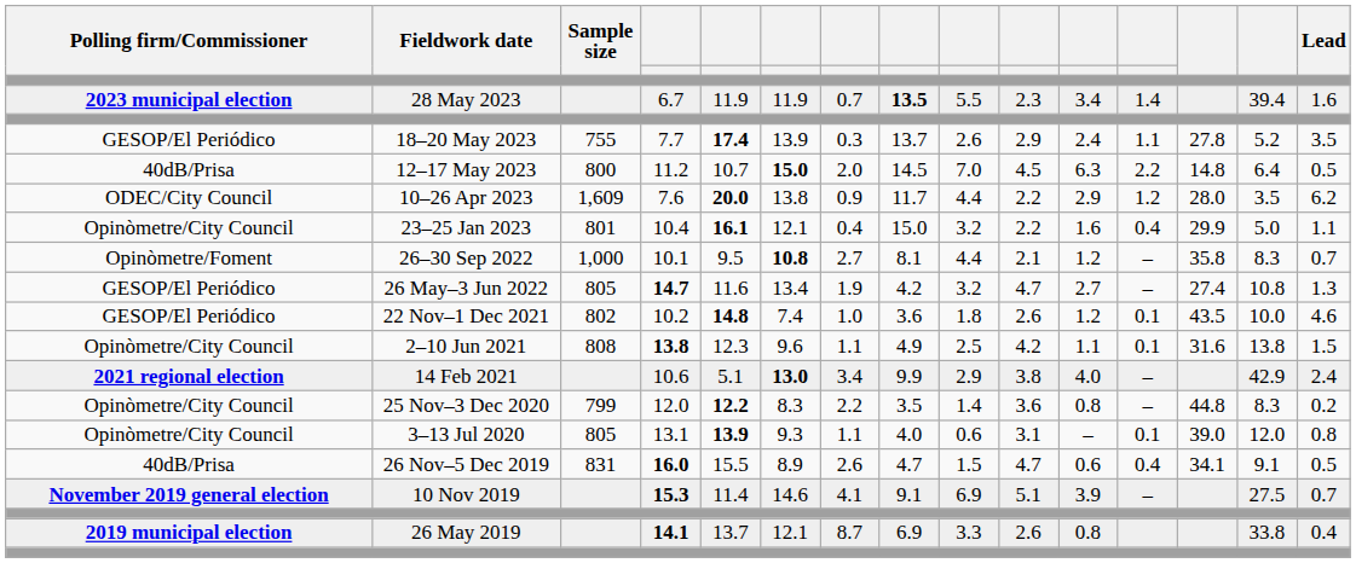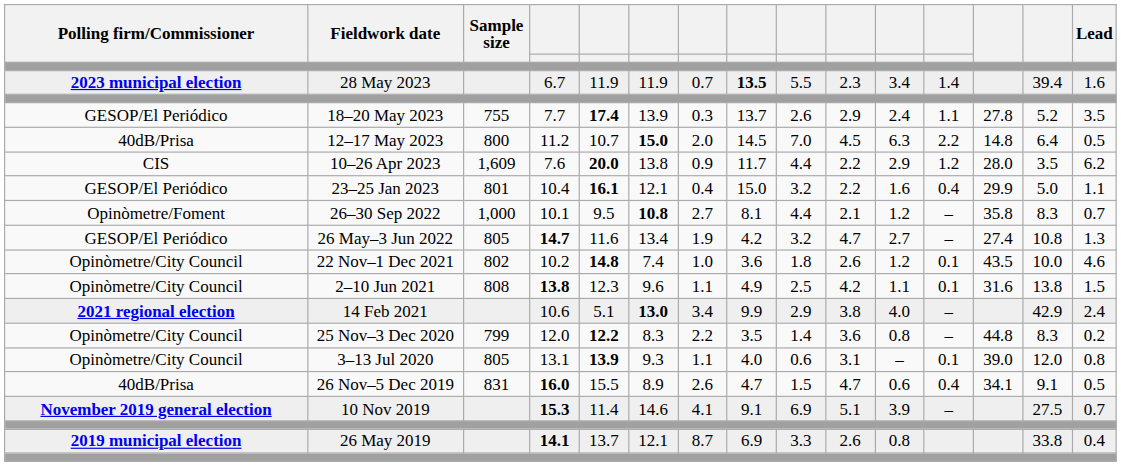 <table class="wikitable collapsible collapsed" style="text-align:center; font-size:90%; line-height:14px;">
 <tr style="height:42px;">
 <th style="width:250px;" rowspan="2">Polling firm/Commissioner</th>
 <th style="width:125px;" rowspan="2">Fieldwork date</th>
 <th style="width:50px;" rowspan="2">Sample size</th>
 <th style="width:35px;"></th>
 <th style="width:35px;"></th>
 <th style="width:35px;"></th>
 <th style="width:35px;"></th>
 <th style="width:35px;"></th>
 <th style="width:35px;"></th>
 <th style="width:35px;"></th>
 <th style="width:35px;"></th>
 <th style="width:35px;"></th>
 <th style="width:35px;" rowspan="2"></th>
 <th style="width:35px;" rowspan="2"></th>
 <th style="width:30px;" rowspan="2">Lead</th>
 </tr>
 <tr>
 <th style="color:inherit;background:"></th>
 <th style="color:inherit;background:"></th>
 <th style="color:inherit;background:"></th>
 <th style="color:inherit;background:"></th>
 <th style="color:inherit;background:"></th>
 <th style="color:inherit;background:"></th>
 <th style="color:inherit;background:"></th>
 <th style="color:inherit;background:"></th>
 <th style="color:inherit;background:"></th>
 </tr>
 <tr>
 <td colspan="15" style="background:#A0A0A0"></td>
 </tr>
 <tr style="background:#EFEFEF;">
 <td><strong><a href='#'>2023 municipal election</a></strong></td>
 <td>28 May 2023</td>
 <td></td>
 <td>6.7</td>
 <td>11.9</td>
 <td>11.9</td>
 <td>0.7</td>
 <td><strong>13.5</strong></td>
 <td>5.5</td>
 <td>2.3</td>
 <td>3.4</td>
 <td>1.4</td>
 <td></td>
 <td>39.4</td>
 <td style="background:">1.6</td>
 </tr>
 <tr>
 <td colspan="15" style="background:#A0A0A0"></td>
 </tr>
 <tr>
 <td>GESOP/El Periódico</td>
 <td>18–20 May 2023</td>
 <td>755</td>
 <td>7.7</td>
 <td><strong>17.4</strong></td>
 <td>13.9</td>
 <td>0.3</td>
 <td>13.7</td>
 <td>2.6</td>
 <td>2.9</td>
 <td>2.4</td>
 <td>1.1</td>
 <td>27.8</td>
 <td>5.2</td>
 <td style="background:">3.5</td>
 </tr>
 <tr>
 <td>40dB/Prisa</td>
 <td>12–17 May 2023</td>
 <td>800</td>
 <td>11.2</td>
 <td>10.7</td>
 <td><strong>15.0</strong></td>
 <td>2.0</td>
 <td>14.5</td>
 <td>7.0</td>
 <td>4.5</td>
 <td>6.3</td>
 <td>2.2</td>
 <td>14.8</td>
 <td>6.4</td>
 <td style="background:">0.5</td>
 </tr>
 <tr>
-<td>ODEC/City Council</td>
+<td>CIS</td>
 <td>10–26 Apr 2023</td>
 <td>1,609</td>
 <td>7.6</td>
 <td><strong>20.0</strong></td>
 <td>13.8</td>
 <td>0.9</td>
 <td>11.7</td>
 <td>4.4</td>
 <td>2.2</td>
 <td>2.9</td>
 <td>1.2</td>
 <td>28.0</td>
 <td>3.5</td>
 <td style="background:">6.2</td>
 </tr>
 <tr>
-<td>Opinòmetre/City Council</td>
+<td>GESOP/El Periódico</td>
 <td>23–25 Jan 2023</td>
 <td>801</td>
 <td>10.4</td>
 <td><strong>16.1</strong></td>
 <td>12.1</td>
 <td>0.4</td>
 <td>15.0</td>
 <td>3.2</td>
 <td>2.2</td>
 <td>1.6</td>
 <td>0.4</td>
 <td>29.9</td>
 <td>5.0</td>
 <td style="background:">1.1</td>
 </tr>
 <tr>
 <td>Opinòmetre/Foment</td>
 <td>26–30 Sep 2022</td>
 <td>1,000</td>
 <td>10.1</td>
 <td>9.5</td>
 <td><strong>10.8</strong></td>
 <td>2.7</td>
 <td>8.1</td>
 <td>4.4</td>
 <td>2.1</td>
 <td>1.2</td>
 <td>–</td>
 <td>35.8</td>
 <td>8.3</td>
 <td style="background:">0.7</td>
 </tr>
 <tr>
 <td>GESOP/El Periódico</td>
 <td>26 May–3 Jun 2022</td>
 <td>805</td>
 <td><strong>14.7</strong></td>
 <td>11.6</td>
 <td>13.4</td>
 <td>1.9</td>
 <td>4.2</td>
 <td>3.2</td>
 <td>4.7</td>
 <td>2.7</td>
 <td>–</td>
 <td>27.4</td>
 <td>10.8</td>
 <td style="background:">1.3</td>
 </tr>
 <tr>
-<td>GESOP/El Periódico</td>
+<td>Opinòmetre/City Council</td>
 <td>22 Nov–1 Dec 2021</td>
 <td>802</td>
 <td>10.2</td>
 <td><strong>14.8</strong></td>
 <td>7.4</td>
 <td>1.0</td>
 <td>3.6</td>
 <td>1.8</td>
 <td>2.6</td>
 <td>1.2</td>
 <td>0.1</td>
 <td>43.5</td>
 <td>10.0</td>
 <td style="background:">4.6</td>
 </tr>
 <tr>
 <td>Opinòmetre/City Council</td>
 <td>2–10 Jun 2021</td>
 <td>808</td>
 <td><strong>13.8</strong></td>
 <td>12.3</td>
 <td>9.6</td>
 <td>1.1</td>
 <td>4.9</td>
 <td>2.5</td>
 <td>4.2</td>
 <td>1.1</td>
 <td>0.1</td>
 <td>31.6</td>
 <td>13.8</td>
 <td style="background:">1.5</td>
 </tr>
 <tr style="background:#EFEFEF;">
 <td><strong><a href='#'>2021 regional election</a></strong></td>
 <td>14 Feb 2021</td>
 <td></td>
 <td>10.6</td>
 <td>5.1</td>
 <td><strong>13.0</strong></td>
 <td>3.4</td>
 <td>9.9</td>
 <td>2.9</td>
 <td>3.8</td>
 <td>4.0</td>
 <td>–</td>
 <td></td>
 <td>42.9</td>
 <td style="background:">2.4</td>
 </tr>
 <tr>
 <td>Opinòmetre/City Council</td>
 <td>25 Nov–3 Dec 2020</td>
 <td>799</td>
 <td>12.0</td>
 <td><strong>12.2</strong></td>
 <td>8.3</td>
 <td>2.2</td>
 <td>3.5</td>
 <td>1.4</td>
 <td>3.6</td>
 <td>0.8</td>
 <td>–</td>
 <td>44.8</td>
 <td>8.3</td>
 <td style="background:">0.2</td>
 </tr>
 <tr>
 <td>Opinòmetre/City Council</td>
 <td>3–13 Jul 2020</td>
 <td>805</td>
 <td>13.1</td>
 <td><strong>13.9</strong></td>
 <td>9.3</td>
 <td>1.1</td>
 <td>4.0</td>
 <td>0.6</td>
 <td>3.1</td>
 <td>–</td>
 <td>0.1</td>
 <td>39.0</td>
 <td>12.0</td>
 <td style="background:">0.8</td>
 </tr>
 <tr>
 <td>40dB/Prisa</td>
 <td>26 Nov–5 Dec 2019</td>
 <td>831</td>
 <td><strong>16.0</strong></td>
 <td>15.5</td>
 <td>8.9</td>
 <td>2.6</td>
 <td>4.7</td>
 <td>1.5</td>
 <td>4.7</td>
 <td>0.6</td>
 <td>0.4</td>
 <td>34.1</td>
 <td>9.1</td>
 <td style="background:">0.5</td>
 </tr>
 <tr style="background:#EFEFEF;">
 <td><strong><a href='#'>November 2019 general election</a></strong></td>
 <td>10 Nov 2019</td>
 <td></td>
 <td><strong>15.3</strong></td>
 <td>11.4</td>
 <td>14.6</td>
 <td>4.1</td>
 <td>9.1</td>
 <td>6.9</td>
 <td>5.1</td>
 <td>3.9</td>
 <td>–</td>
 <td></td>
 <td>27.5</td>
 <td style="background:">0.7</td>
 </tr>
 <tr>
 <td colspan="15" style="background:#A0A0A0"></td>
 </tr>
 <tr style="background:#EFEFEF;">
 <td><strong><a href='#'>2019 municipal election</a></strong></td>
 <td>26 May 2019</td>
 <td></td>
 <td><strong>14.1</strong></td>
 <td>13.7</td>
 <td>12.1</td>
 <td>8.7</td>
 <td>6.9</td>
 <td>3.3</td>
 <td>2.6</td>
 <td>0.8</td>
 <td></td>
 <td></td>
 <td>33.8</td>
 <td style="background:">0.4</td>
 </tr>
 <tr>
 <td colspan="15" style="background:#A0A0A0"></td>
 </tr>
 </table>
